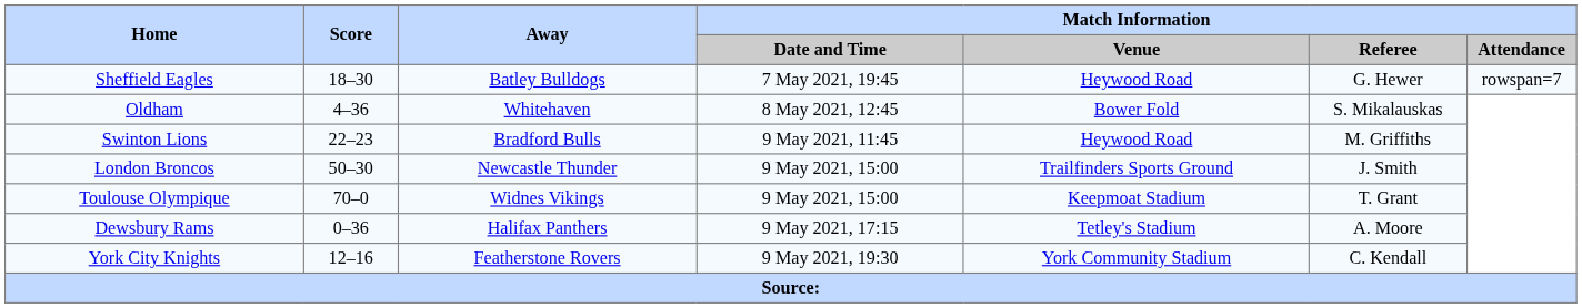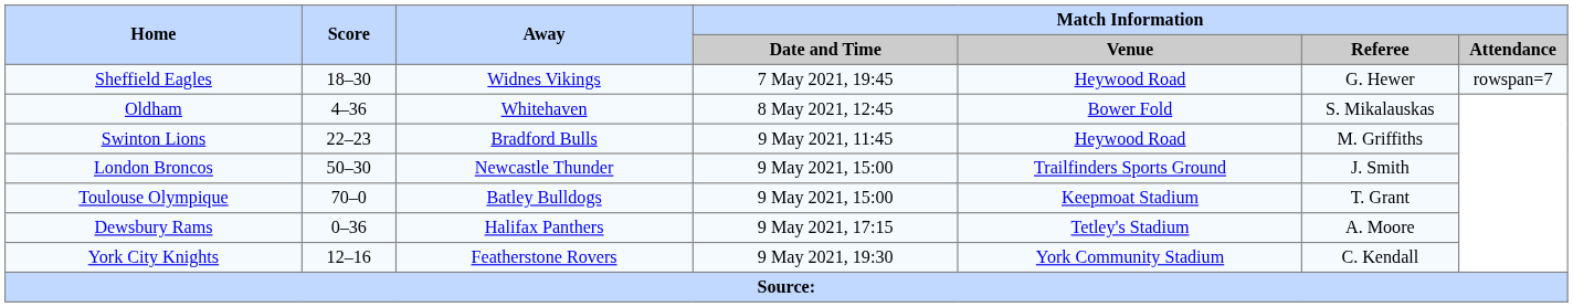 <table border=1 style="border-collapse:collapse; font-size:90%; text-align:center;" cellpadding=3 cellspacing=0 width=100%>
 <tr style="background:#c1d8ff;">
 <th scope="col" rowspan=2 width=19%>Home</th>
 <th scope="col" rowspan=2 width=6%>Score</th>
 <th scope="col" rowspan=2 width=19%>Away</th>
 <th colspan=6>Match Information</th>
 </tr>
 <tr style="background:#cccccc;">
 <th scope="col" width=17%>Date and Time</th>
 <th scope="col" width=22%>Venue</th>
 <th scope="col" width=10%>Referee</th>
 <th scope="col" width=7%>Attendance</th>
 </tr>
 <tr style="background:#f5faff;">
 <td> <a href='#'>Sheffield Eagles</a></td>
 <td>18–30</td>
-<td> <a href='#'>Batley Bulldogs</a></td>
+<td> <a href='#'>Widnes Vikings</a></td>
 <td>7 May 2021, 19:45</td>
 <td><a href='#'>Heywood Road</a></td>
 <td>G. Hewer</td>
 <td>rowspan=7 </td>
 </tr>
 <tr style="background:#f5faff;">
 <td> <a href='#'>Oldham</a></td>
 <td>4–36</td>
 <td> <a href='#'>Whitehaven</a></td>
 <td>8 May 2021, 12:45</td>
 <td><a href='#'>Bower Fold</a></td>
 <td>S. Mikalauskas</td>
 </tr>
 <tr style="background:#f5faff;">
 <td> <a href='#'>Swinton Lions</a></td>
 <td>22–23</td>
 <td> <a href='#'>Bradford Bulls</a></td>
 <td>9 May 2021, 11:45</td>
 <td><a href='#'>Heywood Road</a></td>
 <td>M. Griffiths</td>
 </tr>
 <tr style="background:#f5faff;">
 <td> <a href='#'>London Broncos</a></td>
 <td>50–30</td>
 <td> <a href='#'>Newcastle Thunder</a></td>
 <td>9 May 2021, 15:00</td>
 <td><a href='#'>Trailfinders Sports Ground</a></td>
 <td>J. Smith</td>
 </tr>
 <tr style="background:#f5faff;">
 <td> <a href='#'>Toulouse Olympique</a></td>
 <td>70–0</td>
-<td> <a href='#'>Widnes Vikings</a></td>
+<td> <a href='#'>Batley Bulldogs</a></td>
 <td>9 May 2021, 15:00</td>
 <td><a href='#'>Keepmoat Stadium</a></td>
 <td>T. Grant</td>
 </tr>
 <tr style="background:#f5faff;">
 <td> <a href='#'>Dewsbury Rams</a></td>
 <td>0–36</td>
 <td> <a href='#'>Halifax Panthers</a></td>
 <td>9 May 2021, 17:15</td>
 <td><a href='#'>Tetley's Stadium</a></td>
 <td>A. Moore</td>
 </tr>
 <tr style="background:#f5faff;">
 <td> <a href='#'>York City Knights</a></td>
 <td>12–16</td>
 <td> <a href='#'>Featherstone Rovers</a></td>
 <td>9 May 2021, 19:30</td>
 <td><a href='#'>York Community Stadium</a></td>
 <td>C. Kendall</td>
 </tr>
 <tr style="background:#c1d8ff;">
 <th colspan=7>Source:</th>
 </tr>
 </table>
